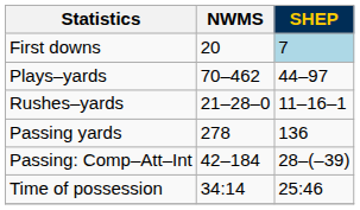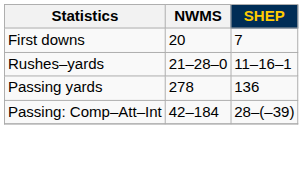 <table class="wikitable" style="float: left;">
 <tr>
 <th>Statistics</th>
 <th>NWMS</th>
 <th style="background:#002D56; color:#FFCC00">SHEP</th>
 </tr>
 <tr>
 <td>First downs</td>
 <td>20</td>
-<td style="background: lightblue;">7</td>
-</tr>
-<tr>
-<td>Plays–yards</td>
-<td>70–462</td>
-<td>44–97</td>
+<td>7</td>
 </tr>
 <tr>
 <td>Rushes–yards</td>
 <td>21–28–0</td>
 <td>11–16–1</td>
 </tr>
 <tr>
 <td>Passing yards</td>
 <td>278</td>
 <td>136</td>
 </tr>
 <tr>
 <td>Passing: Comp–Att–Int</td>
 <td>42–184</td>
 <td>28–(–39)</td>
 </tr>
 <tr>
-<td>Time of possession</td>
-<td>34:14</td>
-<td>25:46</td>
-</tr>
-<tr>
 </tr>
 </table>
